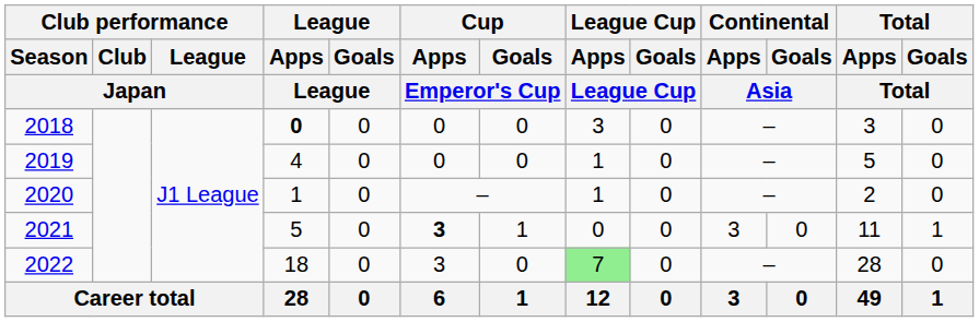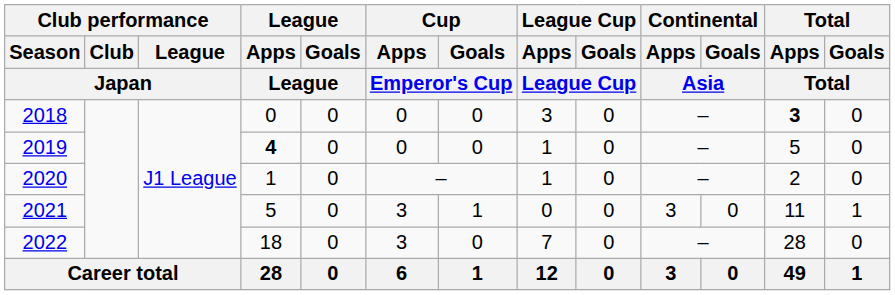 <table class="wikitable" style="text-align:center">
 <tr>
 <th colspan=3>Club performance</th>
 <th colspan=2>League</th>
 <th colspan=2>Cup</th>
 <th colspan=2>League Cup</th>
 <th colspan=2>Continental</th>
 <th colspan=2>Total</th>
 </tr>
 <tr>
 <th>Season</th>
 <th>Club</th>
 <th>League</th>
 <th>Apps</th>
 <th>Goals</th>
 <th>Apps</th>
 <th>Goals</th>
 <th>Apps</th>
 <th>Goals</th>
 <th>Apps</th>
 <th>Goals</th>
 <th>Apps</th>
 <th>Goals</th>
 </tr>
 <tr>
 <th colspan=3>Japan</th>
 <th colspan=2>League</th>
 <th colspan=2><a href='#'>Emperor's Cup</a></th>
 <th colspan=2><a href='#'>League Cup</a></th>
 <th colspan=2><a href='#'>Asia</a></th>
 <th colspan=2>Total</th>
 </tr>
 <tr>
 <td><a href='#'>2018</a></td>
 <td rowspan="5"></td>
 <td rowspan="5"><a href='#'>J1 League</a></td>
-<td><strong>0</strong></td>
+<td>0</td>
 <td>0</td>
 <td>0</td>
 <td>0</td>
 <td>3</td>
 <td>0</td>
 <td colspan="2">–</td>
-<td>3</td>
+<td><strong>3</strong></td>
 <td>0</td>
 </tr>
 <tr>
 <td><a href='#'>2019</a></td>
-<td>4</td>
+<td><strong>4</strong></td>
 <td>0</td>
 <td>0</td>
 <td>0</td>
 <td>1</td>
 <td>0</td>
 <td colspan="2">–</td>
 <td>5</td>
 <td>0</td>
 </tr>
 <tr>
 <td><a href='#'>2020</a></td>
 <td>1</td>
 <td>0</td>
 <td colspan="2">–</td>
 <td>1</td>
 <td>0</td>
 <td colspan="2">–</td>
 <td>2</td>
 <td>0</td>
 </tr>
 <tr>
 <td><a href='#'>2021</a></td>
 <td>5</td>
 <td>0</td>
-<td><strong>3</strong></td>
+<td>3</td>
 <td>1</td>
 <td>0</td>
 <td>0</td>
 <td>3</td>
 <td>0</td>
 <td>11</td>
 <td>1</td>
 </tr>
 <tr>
 <td><a href='#'>2022</a></td>
 <td>18</td>
 <td>0</td>
 <td>3</td>
 <td>0</td>
-<td style="background: lightgreen;">7</td>
+<td>7</td>
 <td>0</td>
 <td colspan="2">–</td>
 <td>28</td>
 <td>0</td>
 </tr>
 <tr>
 <th colspan="3">Career total</th>
 <th>28</th>
 <th>0</th>
 <th>6</th>
 <th>1</th>
 <th>12</th>
 <th>0</th>
 <th>3</th>
 <th>0</th>
 <th>49</th>
 <th>1</th>
 </tr>
 </table>
